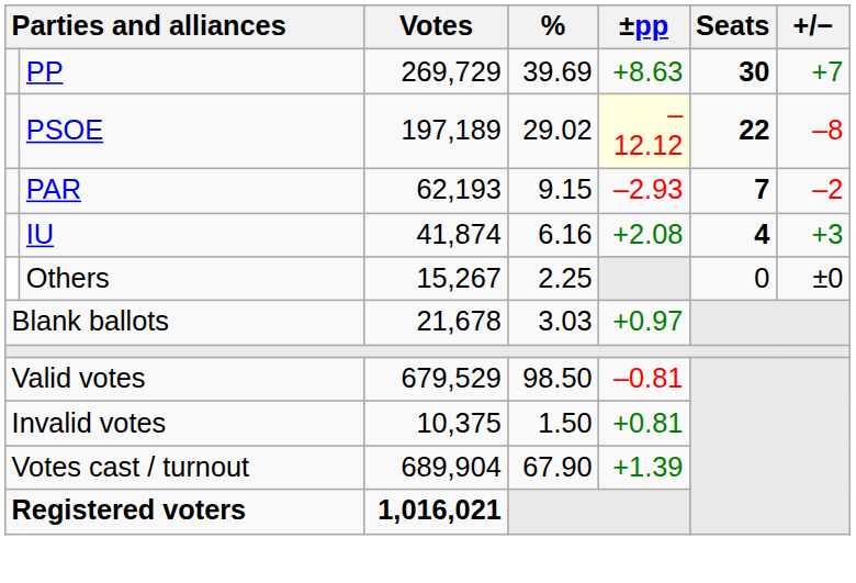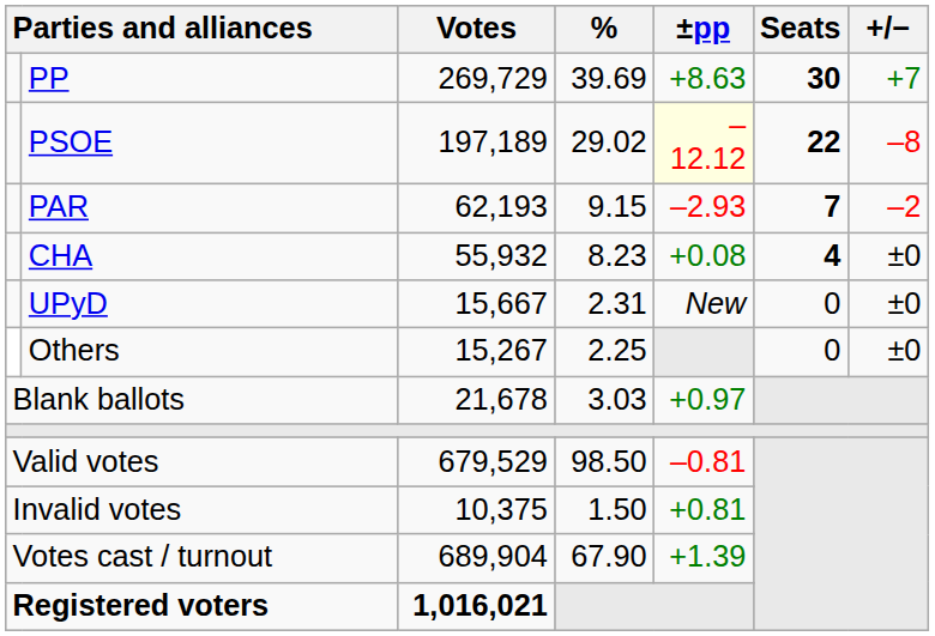 <table class="wikitable" style="text-align:right;">
 <tr>
 <th style="text-align:left;" colspan="2" width="200">Parties and alliances</th>
 <th width="75">Votes</th>
 <th width="45">%</th>
 <th width="45">±<a href='#'>pp</a></th>
 <th width="35">Seats</th>
 <th width="35">+/−</th>
 </tr>
 <tr>
 <td width="1" style="color:inherit;background:"></td>
 <td align="left"><a href='#'>PP</a></td>
 <td>269,729</td>
 <td>39.69</td>
 <td style="color:green;">+8.63</td>
 <td><strong>30</strong></td>
 <td style="color:green;">+7</td>
 </tr>
 <tr>
 <td style="color:inherit;background:"></td>
 <td align="left"><a href='#'>PSOE</a></td>
 <td>197,189</td>
 <td>29.02</td>
 <td style="background: lightyellow; color:red;">–12.12</td>
 <td><strong>22</strong></td>
 <td style="color:red;">–8</td>
 </tr>
 <tr>
 <td style="color:inherit;background:"></td>
 <td align="left"><a href='#'>PAR</a></td>
 <td>62,193</td>
 <td>9.15</td>
 <td style="color:red;">–2.93</td>
 <td><strong>7</strong></td>
 <td style="color:red;">–2</td>
 </tr>
 <tr>
 <td style="color:inherit;background:"></td>
-<td align="left"><a href='#'>IU</a></td>
-<td>41,874</td>
-<td>6.16</td>
-<td style="color:green;">+2.08</td>
+<td align="left"><a href='#'>CHA</a></td>
+<td>55,932</td>
+<td>8.23</td>
+<td style="color:green;">+0.08</td>
 <td><strong>4</strong></td>
-<td style="color:green;">+3</td>
+<td>±0</td>
+</tr>
+<tr>
+<td style="color:inherit;background:"></td>
+<td align="left"><a href='#'>UPyD</a></td>
+<td>15,667</td>
+<td>2.31</td>
+<td><em>New</em></td>
+<td>0</td>
+<td>±0</td>
 </tr>
 <tr>
 <td bgcolor="white"></td>
 <td align="left">Others</td>
 <td>15,267</td>
 <td>2.25</td>
 <td bgcolor="#E9E9E9"></td>
 <td>0</td>
 <td>±0</td>
 </tr>
 <tr>
 <td align="left" colspan="2">Blank ballots</td>
 <td>21,678</td>
 <td>3.03</td>
 <td style="color:green;">+0.97</td>
 <td bgcolor="#E9E9E9" colspan="2"></td>
 </tr>
 <tr>
 <td colspan="7" bgcolor="#E9E9E9"></td>
 </tr>
 <tr>
 <td align="left" colspan="2">Valid votes</td>
 <td>679,529</td>
 <td>98.50</td>
 <td style="color:red;">–0.81</td>
 <td bgcolor="#E9E9E9" colspan="2" rowspan="4"></td>
 </tr>
 <tr>
 <td align="left" colspan="2">Invalid votes</td>
 <td>10,375</td>
 <td>1.50</td>
 <td style="color:green;">+0.81</td>
 </tr>
 <tr>
 <td align="left" colspan="2">Votes cast / turnout</td>
 <td>689,904</td>
 <td>67.90</td>
 <td style="color:green;">+1.39</td>
 </tr>
 <tr style="font-weight:bold;">
 <td align="left" colspan="2">Registered voters</td>
 <td>1,016,021</td>
 <td bgcolor="#E9E9E9" colspan="2"></td>
 </tr>
 </table>
